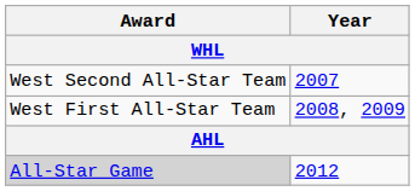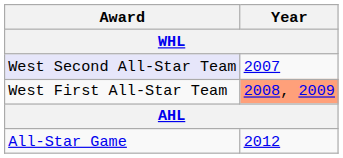 <table class="wikitable">
 <tr>
 <th>Award</th>
 <th>Year</th>
 </tr>
 <tr>
 <th colspan="3"><a href='#'>WHL</a></th>
 </tr>
 <tr>
-<td>West Second All-Star Team</td>
+<td style="background: lavender;">West Second All-Star Team</td>
 <td><a href='#'>2007</a></td>
 </tr>
 <tr>
 <td>West First All-Star Team</td>
-<td><a href='#'>2008</a>, <a href='#'>2009</a></td>
+<td style="background: lightsalmon;"><a href='#'>2008</a>, <a href='#'>2009</a></td>
 </tr>
 <tr>
 <th colspan="3"><a href='#'>AHL</a></th>
 </tr>
 <tr>
-<td style="background: lightgrey;"><a href='#'>All-Star Game</a></td>
+<td><a href='#'>All-Star Game</a></td>
 <td><a href='#'>2012</a></td>
 </tr>
 </table>
